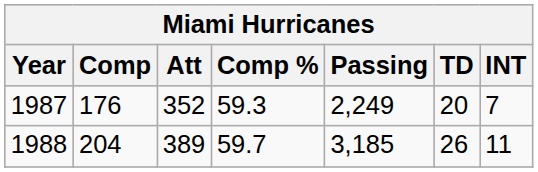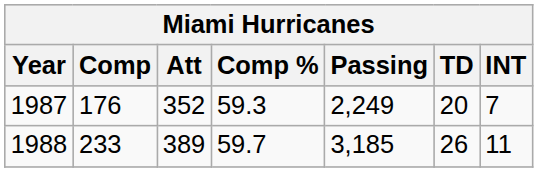 <table class="wikitable">
 <tr>
 <th colspan="11">Miami Hurricanes</th>
 </tr>
 <tr>
 <th>Year</th>
 <th>Comp</th>
 <th>Att</th>
 <th>Comp %</th>
 <th>Passing</th>
 <th>TD</th>
 <th>INT</th>
 </tr>
 <tr>
 <td>1987</td>
 <td>176</td>
 <td>352</td>
 <td>59.3</td>
 <td>2,249</td>
 <td>20</td>
 <td>7</td>
 </tr>
 <tr>
 <td>1988</td>
-<td>204</td>
+<td>233</td>
 <td>389</td>
 <td>59.7</td>
 <td>3,185</td>
 <td>26</td>
 <td>11</td>
 </tr>
 </table>
